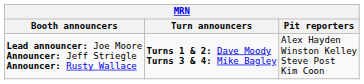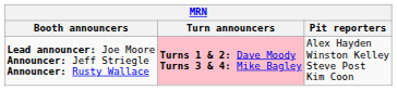 <table class="wikitable" style="font-size: 95%">
 <tr>
 <th colspan="3"><a href='#'>MRN</a></th>
 </tr>
 <tr>
 <th>Booth announcers</th>
 <th>Turn announcers</th>
 <th>Pit reporters</th>
 </tr>
 <tr>
 <td><strong>Lead announcer:</strong> Joe Moore<br><strong>Announcer:</strong> Jeff Striegle<br><strong>Announcer:</strong> <a href='#'>Rusty Wallace</a></td>
-<td><strong>Turns 1 & 2:</strong> <a href='#'>Dave Moody</a><br><strong>Turns 3 & 4:</strong> <a href='#'>Mike Bagley</a></td>
+<td style="background: pink;"><strong>Turns 1 & 2:</strong> <a href='#'>Dave Moody</a><br><strong>Turns 3 & 4:</strong> <a href='#'>Mike Bagley</a></td>
 <td>Alex Hayden<br>Winston Kelley<br>Steve Post<br>Kim Coon</td>
 </tr>
 </table>
